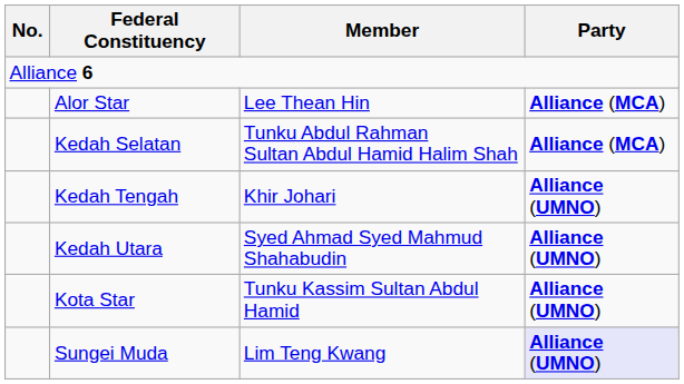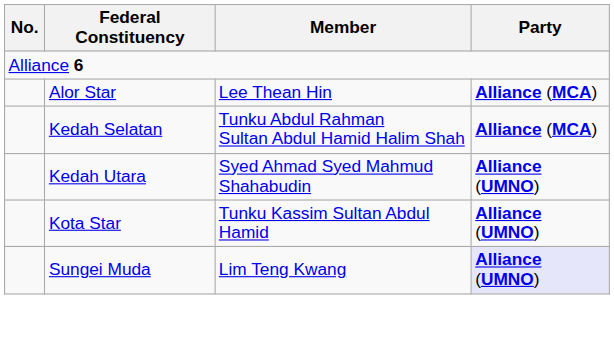 <table class="wikitable sortable">
 <tr>
 <th style="width:30px;">No.</th>
 <th style="width:150px;">Federal Constituency</th>
 <th style="width:230px;">Member</th>
 <th style="width:120px;">Party</th>
 </tr>
 <tr>
 <td colspan="4"><a href='#'>Alliance</a> <strong>6</strong></td>
 </tr>
 <tr>
 <td></td>
 <td><a href='#'>Alor Star</a></td>
 <td><a href='#'>Lee Thean Hin</a></td>
 <td><strong><a href='#'>Alliance</a></strong> (<strong><a href='#'>MCA</a></strong>)</td>
 </tr>
 <tr>
 <td></td>
 <td><a href='#'>Kedah Selatan</a></td>
 <td><a href='#'>Tunku Abdul Rahman<br>Sultan Abdul Hamid Halim Shah</a></td>
 <td><strong><a href='#'>Alliance</a></strong> (<strong><a href='#'>MCA</a></strong>)</td>
 </tr>
 <tr>
 <td></td>
-<td><a href='#'>Kedah Tengah</a></td>
-<td><a href='#'>Khir Johari</a></td>
-<td><strong><a href='#'>Alliance</a></strong> (<strong><a href='#'>UMNO</a></strong>)</td>
-</tr>
-<tr>
-<td></td>
 <td><a href='#'>Kedah Utara</a></td>
 <td><a href='#'>Syed Ahmad Syed Mahmud Shahabudin</a></td>
 <td><strong><a href='#'>Alliance</a></strong> (<strong><a href='#'>UMNO</a></strong>)</td>
 </tr>
 <tr>
 <td></td>
 <td><a href='#'>Kota Star</a></td>
 <td><a href='#'>Tunku Kassim Sultan Abdul Hamid</a></td>
 <td><strong><a href='#'>Alliance</a></strong> (<strong><a href='#'>UMNO</a></strong>)</td>
 </tr>
 <tr>
 <td></td>
 <td><a href='#'>Sungei Muda</a></td>
 <td><a href='#'>Lim Teng Kwang</a></td>
 <td style="background: lavender;"><strong><a href='#'>Alliance</a></strong> (<strong><a href='#'>UMNO</a></strong>)</td>
 </tr>
 </table>
